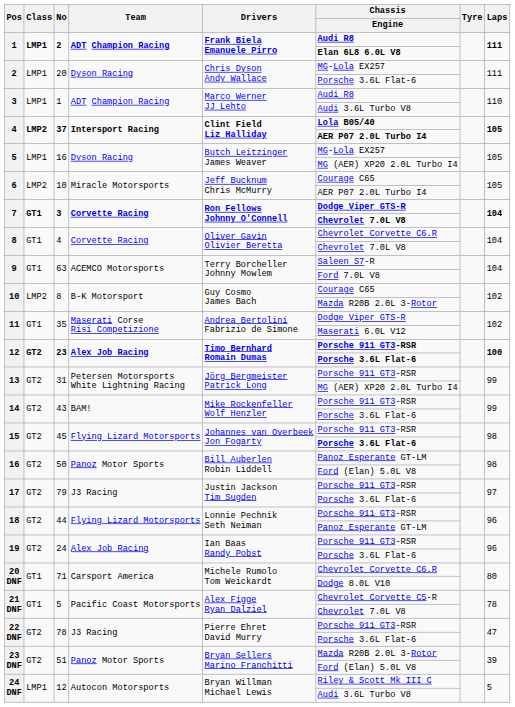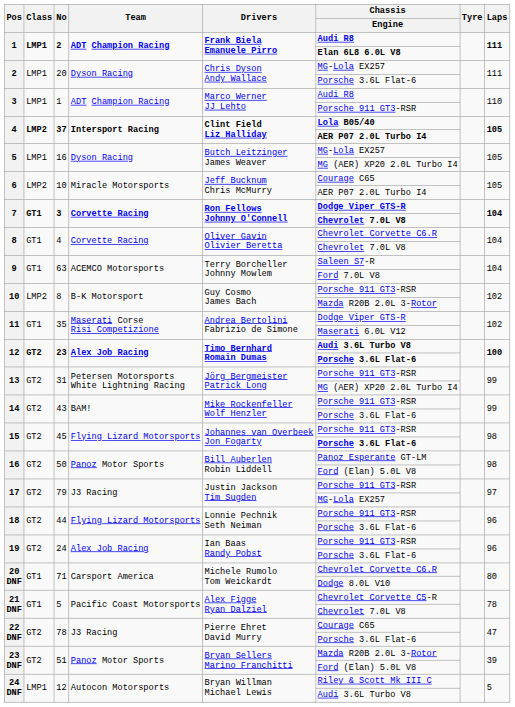 <table class="wikitable" style="font-size: 95%;">
 <tr>
 <th rowspan=2>Pos</th>
 <th rowspan=2>Class</th>
 <th rowspan=2>No</th>
 <th rowspan=2>Team</th>
 <th rowspan=2>Drivers</th>
 <th>Chassis</th>
 <th rowspan=2>Tyre</th>
 <th rowspan=2>Laps</th>
 </tr>
 <tr>
 <th>Engine</th>
 </tr>
 <tr style="font-weight:bold">
 <th rowspan=2>1</th>
 <td rowspan=2>LMP1</td>
 <td rowspan=2>2</td>
 <td rowspan=2> <a href='#'>ADT</a> <a href='#'>Champion Racing</a></td>
 <td rowspan=2> <a href='#'>Frank Biela</a><br> <a href='#'>Emanuele Pirro</a></td>
 <td><a href='#'>Audi R8</a></td>
 <td rowspan=2></td>
 <td rowspan=2>111</td>
 </tr>
 <tr style="font-weight:bold">
 <td>Elan 6L8 6.0L V8</td>
 </tr>
 <tr>
 <th rowspan=2>2</th>
 <td rowspan=2>LMP1</td>
 <td rowspan=2>20</td>
 <td rowspan=2> <a href='#'>Dyson Racing</a></td>
 <td rowspan=2> <a href='#'>Chris Dyson</a><br> <a href='#'>Andy Wallace</a></td>
 <td><a href='#'>MG</a>-<a href='#'>Lola</a> EX257</td>
 <td rowspan=2></td>
 <td rowspan=2>111</td>
 </tr>
 <tr>
 <td><a href='#'>Porsche</a> 3.6L Flat-6</td>
 </tr>
 <tr>
 <th rowspan=2>3</th>
 <td rowspan=2>LMP1</td>
 <td rowspan=2>1</td>
 <td rowspan=2> <a href='#'>ADT</a> <a href='#'>Champion Racing</a></td>
 <td rowspan=2> <a href='#'>Marco Werner</a><br> <a href='#'>JJ Lehto</a></td>
 <td><a href='#'>Audi R8</a></td>
 <td rowspan=2></td>
 <td rowspan=2>110</td>
 </tr>
 <tr>
-<td><a href='#'>Audi</a> 3.6L Turbo V8</td>
+<td><a href='#'>Porsche 911 GT3</a>-RSR</td>
 </tr>
 <tr style="font-weight:bold">
 <th rowspan=2>4</th>
 <td rowspan=2>LMP2</td>
 <td rowspan=2>37</td>
 <td rowspan=2> Intersport Racing</td>
 <td rowspan=2> Clint Field<br> <a href='#'>Liz Halliday</a></td>
 <td><a href='#'>Lola</a> B05/40</td>
 <td rowspan=2></td>
 <td rowspan=2>105</td>
 </tr>
 <tr style="font-weight:bold">
 <td>AER P07 2.0L Turbo I4</td>
 </tr>
 <tr>
 <th rowspan=2>5</th>
 <td rowspan=2>LMP1</td>
 <td rowspan=2>16</td>
 <td rowspan=2> <a href='#'>Dyson Racing</a></td>
 <td rowspan=2> <a href='#'>Butch Leitzinger</a><br> James Weaver</td>
 <td><a href='#'>MG</a>-<a href='#'>Lola</a> EX257</td>
 <td rowspan=2></td>
 <td rowspan=2>105</td>
 </tr>
 <tr>
 <td><a href='#'>MG</a> (AER) XP20 2.0L Turbo I4</td>
 </tr>
 <tr>
 <th rowspan=2>6</th>
 <td rowspan=2>LMP2</td>
 <td rowspan=2>10</td>
 <td rowspan=2> Miracle Motorsports</td>
 <td rowspan=2> <a href='#'>Jeff Bucknum</a><br> Chris McMurry</td>
 <td><a href='#'>Courage</a> C65</td>
 <td rowspan=2></td>
 <td rowspan=2>105</td>
 </tr>
 <tr>
 <td>AER P07 2.0L Turbo I4</td>
 </tr>
 <tr style="font-weight:bold">
 <th rowspan=2>7</th>
 <td rowspan=2>GT1</td>
 <td rowspan=2>3</td>
 <td rowspan=2> <a href='#'>Corvette Racing</a></td>
 <td rowspan=2> <a href='#'>Ron Fellows</a><br> <a href='#'>Johnny O'Connell</a></td>
 <td><a href='#'>Dodge Viper GTS-R</a></td>
 <td rowspan=2></td>
 <td rowspan=2>104</td>
 </tr>
 <tr style="font-weight:bold">
 <td><a href='#'>Chevrolet</a> 7.0L V8</td>
 </tr>
 <tr>
 <th rowspan=2>8</th>
 <td rowspan=2>GT1</td>
 <td rowspan=2>4</td>
 <td rowspan=2> <a href='#'>Corvette Racing</a></td>
 <td rowspan=2> <a href='#'>Oliver Gavin</a><br> <a href='#'>Olivier Beretta</a></td>
 <td><a href='#'>Chevrolet Corvette C6.R</a></td>
 <td rowspan=2></td>
 <td rowspan=2>104</td>
 </tr>
 <tr>
 <td><a href='#'>Chevrolet</a> 7.0L V8</td>
 </tr>
 <tr>
 <th rowspan=2>9</th>
 <td rowspan=2>GT1</td>
 <td rowspan=2>63</td>
 <td rowspan=2> ACEMCO Motorsports</td>
 <td rowspan=2> Terry Borcheller<br> Johnny Mowlem</td>
 <td><a href='#'>Saleen S7</a>-R</td>
 <td rowspan=2></td>
 <td rowspan=2>104</td>
 </tr>
 <tr>
 <td><a href='#'>Ford</a> 7.0L V8</td>
 </tr>
 <tr>
 <th rowspan=2>10</th>
 <td rowspan=2>LMP2</td>
 <td rowspan=2>8</td>
 <td rowspan=2> B-K Motorsport</td>
 <td rowspan=2> Guy Cosmo<br> James Bach</td>
-<td><a href='#'>Courage</a> C65</td>
+<td><a href='#'>Porsche 911 GT3</a>-RSR</td>
 <td rowspan=2></td>
 <td rowspan=2>102</td>
 </tr>
 <tr>
 <td><a href='#'>Mazda</a> R20B 2.0L 3-<a href='#'>Rotor</a></td>
 </tr>
 <tr>
 <th rowspan=2>11</th>
 <td rowspan=2>GT1</td>
 <td rowspan=2>35</td>
 <td rowspan=2> <a href='#'>Maserati</a> Corse<br> <a href='#'>Risi Competizione</a></td>
 <td rowspan=2> <a href='#'>Andrea Bertolini</a><br> Fabrizio de Simone</td>
 <td><a href='#'>Dodge Viper GTS-R</a></td>
 <td rowspan=2></td>
 <td rowspan=2>102</td>
 </tr>
 <tr>
 <td><a href='#'>Maserati</a> 6.0L V12</td>
 </tr>
 <tr style="font-weight:bold">
 <th rowspan=2>12</th>
 <td rowspan=2>GT2</td>
 <td rowspan=2>23</td>
 <td rowspan=2> <a href='#'>Alex Job Racing</a></td>
 <td rowspan=2> <a href='#'>Timo Bernhard</a><br> <a href='#'>Romain Dumas</a></td>
-<td><a href='#'>Porsche 911 GT3</a>-RSR</td>
+<td><a href='#'>Audi</a> 3.6L Turbo V8</td>
 <td rowspan=2></td>
 <td rowspan=2>100</td>
 </tr>
 <tr style="font-weight:bold">
 <td><a href='#'>Porsche</a> 3.6L Flat-6</td>
 </tr>
 <tr>
 <th rowspan=2>13</th>
 <td rowspan=2>GT2</td>
 <td rowspan=2>31</td>
 <td rowspan=2> Petersen Motorsports<br> White Lightning Racing</td>
 <td rowspan=2> <a href='#'>Jörg Bergmeister</a><br> <a href='#'>Patrick Long</a></td>
 <td><a href='#'>Porsche 911 GT3</a>-RSR</td>
 <td rowspan=2></td>
 <td rowspan=2>99</td>
 </tr>
 <tr>
 <td><a href='#'>MG</a> (AER) XP20 2.0L Turbo I4</td>
 </tr>
 <tr>
 <th rowspan=2>14</th>
 <td rowspan=2>GT2</td>
 <td rowspan=2>43</td>
 <td rowspan=2> BAM!</td>
 <td rowspan=2> <a href='#'>Mike Rockenfeller</a><br> <a href='#'>Wolf Henzler</a></td>
 <td><a href='#'>Porsche 911 GT3</a>-RSR</td>
 <td rowspan=2></td>
 <td rowspan=2>99</td>
 </tr>
 <tr>
 <td><a href='#'>Porsche</a> 3.6L Flat-6</td>
 </tr>
 <tr>
 <th rowspan=2>15</th>
 <td rowspan=2>GT2</td>
 <td rowspan=2>45</td>
 <td rowspan=2> <a href='#'>Flying Lizard Motorsports</a></td>
 <td rowspan=2> <a href='#'>Johannes van Overbeek</a><br> <a href='#'>Jon Fogarty</a></td>
 <td><a href='#'>Porsche 911 GT3</a>-RSR</td>
 <td rowspan=2></td>
 <td rowspan=2>98</td>
 </tr>
 <tr>
 <td><strong><a href='#'>Porsche</a> 3.6L Flat-6</strong></td>
 </tr>
 <tr>
 <th rowspan=2>16</th>
 <td rowspan=2>GT2</td>
 <td rowspan=2>50</td>
 <td rowspan=2> <a href='#'>Panoz</a> Motor Sports</td>
 <td rowspan=2> <a href='#'>Bill Auberlen</a><br> Robin Liddell</td>
 <td><a href='#'>Panoz Esperante</a> GT-LM</td>
 <td rowspan=2></td>
 <td rowspan=2>98</td>
 </tr>
 <tr>
 <td><a href='#'>Ford</a> (Elan) 5.0L V8</td>
 </tr>
 <tr>
 <th rowspan=2>17</th>
 <td rowspan=2>GT2</td>
 <td rowspan=2>79</td>
 <td rowspan=2> J3 Racing</td>
 <td rowspan=2> Justin Jackson<br> <a href='#'>Tim Sugden</a></td>
 <td><a href='#'>Porsche 911 GT3</a>-RSR</td>
 <td rowspan=2></td>
 <td rowspan=2>97</td>
 </tr>
 <tr>
-<td><a href='#'>Porsche</a> 3.6L Flat-6</td>
+<td><a href='#'>MG</a>-<a href='#'>Lola</a> EX257</td>
 </tr>
 <tr>
 <th rowspan=2>18</th>
 <td rowspan=2>GT2</td>
 <td rowspan=2>44</td>
 <td rowspan=2> <a href='#'>Flying Lizard Motorsports</a></td>
 <td rowspan=2> Lonnie Pechnik<br> Seth Neiman</td>
 <td><a href='#'>Porsche 911 GT3</a>-RSR</td>
 <td rowspan=2></td>
 <td rowspan=2>96</td>
 </tr>
 <tr>
-<td><a href='#'>Panoz Esperante</a> GT-LM</td>
+<td><a href='#'>Porsche</a> 3.6L Flat-6</td>
 </tr>
 <tr>
 <th rowspan=2>19</th>
 <td rowspan=2>GT2</td>
 <td rowspan=2>24</td>
 <td rowspan=2> <a href='#'>Alex Job Racing</a></td>
 <td rowspan=2> Ian Baas<br> <a href='#'>Randy Pobst</a></td>
 <td><a href='#'>Porsche 911 GT3</a>-RSR</td>
 <td rowspan=2></td>
 <td rowspan=2>96</td>
 </tr>
 <tr>
 <td><a href='#'>Porsche</a> 3.6L Flat-6</td>
 </tr>
 <tr>
 <th rowspan=2>20<br>DNF</th>
 <td rowspan=2>GT1</td>
 <td rowspan=2>71</td>
 <td rowspan=2> Carsport America</td>
 <td rowspan=2> Michele Rumolo<br> Tom Weickardt</td>
 <td><a href='#'>Chevrolet Corvette C6.R</a></td>
 <td rowspan=2></td>
 <td rowspan=2>80</td>
 </tr>
 <tr>
 <td><a href='#'>Dodge</a> 8.0L V10</td>
 </tr>
 <tr>
 <th rowspan=2>21<br>DNF</th>
 <td rowspan=2>GT1</td>
 <td rowspan=2>5</td>
 <td rowspan=2> Pacific Coast Motorsports</td>
 <td rowspan=2> <a href='#'>Alex Figge</a><br> <a href='#'>Ryan Dalziel</a></td>
 <td><a href='#'>Chevrolet Corvette C5</a>-R</td>
 <td rowspan=2></td>
 <td rowspan=2>78</td>
 </tr>
 <tr>
 <td><a href='#'>Chevrolet</a> 7.0L V8</td>
 </tr>
 <tr>
 <th rowspan=2>22<br>DNF</th>
 <td rowspan=2>GT2</td>
 <td rowspan=2>78</td>
 <td rowspan=2> J3 Racing</td>
 <td rowspan=2> Pierre Ehret<br> David Murry</td>
-<td><a href='#'>Porsche 911 GT3</a>-RSR</td>
+<td><a href='#'>Courage</a> C65</td>
 <td rowspan=2></td>
 <td rowspan=2>47</td>
 </tr>
 <tr>
 <td><a href='#'>Porsche</a> 3.6L Flat-6</td>
 </tr>
 <tr>
 <th rowspan=2>23<br>DNF</th>
 <td rowspan=2>GT2</td>
 <td rowspan=2>51</td>
 <td rowspan=2> <a href='#'>Panoz</a> Motor Sports</td>
 <td rowspan=2> <a href='#'>Bryan Sellers</a><br> <a href='#'>Marino Franchitti</a></td>
 <td><a href='#'>Mazda</a> R20B 2.0L 3-<a href='#'>Rotor</a></td>
 <td rowspan=2></td>
 <td rowspan=2>39</td>
 </tr>
 <tr>
 <td><a href='#'>Ford</a> (Elan) 5.0L V8</td>
 </tr>
 <tr>
 <th rowspan=2>24<br>DNF</th>
 <td rowspan=2>LMP1</td>
 <td rowspan=2>12</td>
 <td rowspan=2> Autocon Motorsports</td>
 <td rowspan=2> Bryan Willman<br> Michael Lewis</td>
 <td><a href='#'>Riley & Scott Mk III C</a></td>
 <td rowspan=2></td>
 <td rowspan=2>5</td>
 </tr>
 <tr>
 <td><a href='#'>Audi</a> 3.6L Turbo V8</td>
 </tr>
 </table>
